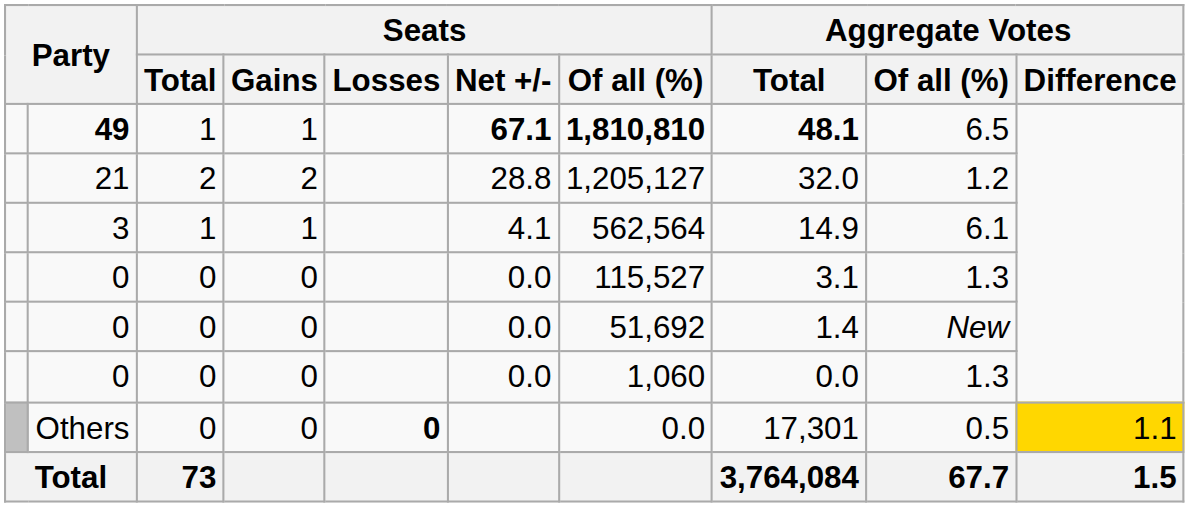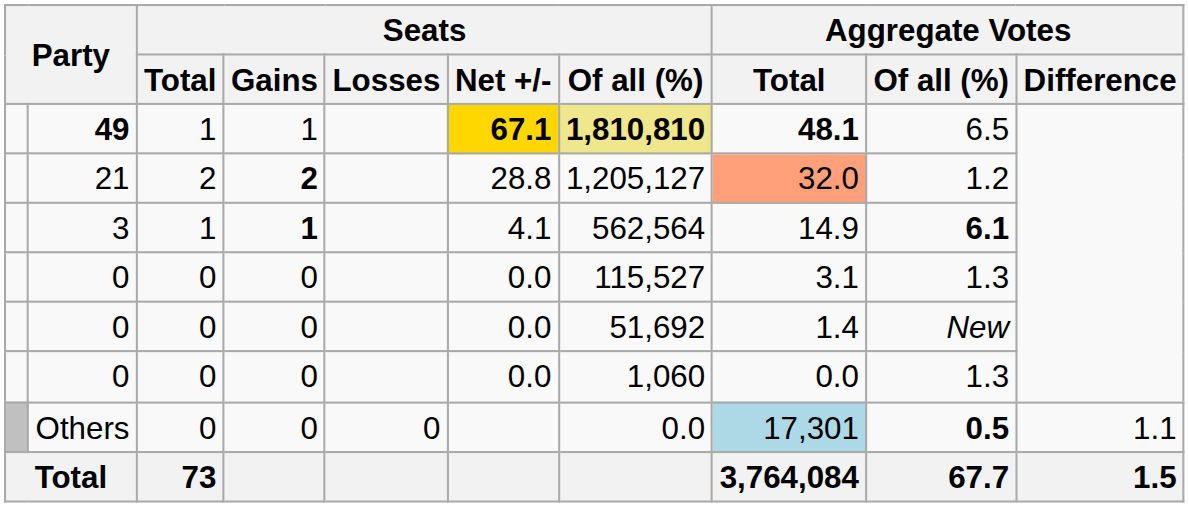 <table class="wikitable sortable" style="text-align:right; font-size:95%;">
 <tr>
 <th colspan="2" rowspan="2">Party</th>
 <th colspan="5">Seats</th>
 <th colspan="3">Aggregate Votes</th>
 </tr>
 <tr>
 <th>Total</th>
 <th>Gains</th>
 <th>Losses</th>
 <th>Net +/-</th>
 <th>Of all (%)</th>
 <th>Total</th>
 <th>Of all (%)</th>
 <th>Difference</th>
 </tr>
 <tr>
 <td></td>
 <td><strong>49</strong></td>
 <td>1</td>
 <td>1</td>
 <td></td>
-<td><strong>67.1</strong></td>
-<td><strong>1,810,810</strong></td>
+<td style="background: gold;"><strong>67.1</strong></td>
+<td style="background: khaki;"><strong>1,810,810</strong></td>
 <td><strong>48.1</strong></td>
 <td> 6.5</td>
 </tr>
 <tr>
 <td></td>
 <td>21</td>
 <td>2</td>
-<td>2</td>
+<td><strong>2</strong></td>
 <td></td>
 <td>28.8</td>
 <td>1,205,127</td>
-<td>32.0</td>
+<td style="background: lightsalmon;">32.0</td>
 <td> 1.2</td>
 </tr>
 <tr>
 <td></td>
 <td>3</td>
 <td>1</td>
-<td>1</td>
+<td><strong>1</strong></td>
 <td></td>
 <td>4.1</td>
 <td>562,564</td>
 <td>14.9</td>
-<td> 6.1</td>
+<td><strong> 6.1</strong></td>
 </tr>
 <tr>
 <td></td>
 <td>0</td>
 <td>0</td>
 <td>0</td>
 <td></td>
 <td>0.0</td>
 <td>115,527</td>
 <td>3.1</td>
 <td> 1.3</td>
 </tr>
 <tr>
 <td></td>
 <td>0</td>
 <td>0</td>
 <td>0</td>
 <td></td>
 <td>0.0</td>
 <td>51,692</td>
 <td>1.4</td>
 <td><em>New</em></td>
 </tr>
 <tr>
 <td></td>
 <td>0</td>
 <td>0</td>
 <td>0</td>
 <td></td>
 <td>0.0</td>
 <td>1,060</td>
 <td>0.0</td>
 <td>1.3</td>
 </tr>
 <tr>
 <td style="background:silver;"> </td>
 <td align=left>Others</td>
 <td>0</td>
 <td>0</td>
-<td><strong>0</strong></td>
+<td>0</td>
 <td></td>
 <td>0.0</td>
-<td>17,301</td>
-<td>0.5</td>
-<td style="background: gold;">1.1</td>
+<td style="background: lightblue;">17,301</td>
+<td><strong>0.5</strong></td>
+<td>1.1</td>
 </tr>
 <tr class="sortbottom">
 <th colspan="2" style="background:#f2f2f2">Total</th>
 <td style="background:#f2f2f2;"><strong>73</strong></td>
 <td style="background:#f2f2f2;"></td>
 <td style="background:#f2f2f2;"></td>
 <td style="background:#f2f2f2;"></td>
 <td style="background:#f2f2f2;"></td>
 <td style="background:#f2f2f2;"><strong>3,764,084</strong></td>
 <td style="background:#f2f2f2;"><strong>67.7</strong></td>
 <td style="background:#f2f2f2;"><strong> 1.5</strong></td>
 </tr>
 </table>
